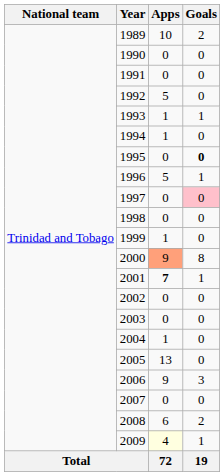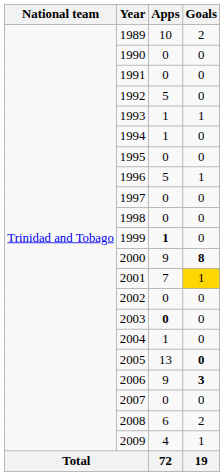 <table class="wikitable" style="text-align:center">
 <tr>
 <th>National team</th>
 <th>Year</th>
 <th>Apps</th>
 <th>Goals</th>
 </tr>
 <tr>
 <td rowspan="21"><a href='#'>Trinidad and Tobago</a></td>
 <td>1989</td>
 <td>10</td>
 <td>2</td>
 </tr>
 <tr>
 <td>1990</td>
 <td>0</td>
 <td>0</td>
 </tr>
 <tr>
 <td>1991</td>
 <td>0</td>
 <td>0</td>
 </tr>
 <tr>
 <td>1992</td>
 <td>5</td>
 <td>0</td>
 </tr>
 <tr>
 <td>1993</td>
 <td>1</td>
 <td>1</td>
 </tr>
 <tr>
 <td>1994</td>
 <td>1</td>
 <td>0</td>
 </tr>
 <tr>
 <td>1995</td>
 <td>0</td>
-<td><strong>0</strong></td>
+<td>0</td>
 </tr>
 <tr>
 <td>1996</td>
 <td>5</td>
 <td>1</td>
 </tr>
 <tr>
 <td>1997</td>
 <td>0</td>
-<td style="background: pink;">0</td>
+<td>0</td>
 </tr>
 <tr>
 <td>1998</td>
 <td>0</td>
 <td>0</td>
 </tr>
 <tr>
 <td>1999</td>
-<td>1</td>
+<td><strong>1</strong></td>
 <td>0</td>
 </tr>
 <tr>
 <td>2000</td>
-<td style="background: lightsalmon;">9</td>
-<td>8</td>
+<td>9</td>
+<td><strong>8</strong></td>
 </tr>
 <tr>
 <td>2001</td>
-<td><strong>7</strong></td>
-<td>1</td>
+<td>7</td>
+<td style="background: gold;">1</td>
 </tr>
 <tr>
 <td>2002</td>
 <td>0</td>
 <td>0</td>
 </tr>
 <tr>
 <td>2003</td>
-<td>0</td>
+<td><strong>0</strong></td>
 <td>0</td>
 </tr>
 <tr>
 <td>2004</td>
 <td>1</td>
 <td>0</td>
 </tr>
 <tr>
 <td>2005</td>
 <td>13</td>
-<td>0</td>
+<td><strong>0</strong></td>
 </tr>
 <tr>
 <td>2006</td>
 <td>9</td>
-<td>3</td>
+<td><strong>3</strong></td>
 </tr>
 <tr>
 <td>2007</td>
 <td>0</td>
 <td>0</td>
 </tr>
 <tr>
 <td>2008</td>
 <td>6</td>
 <td>2</td>
 </tr>
 <tr>
 <td>2009</td>
-<td style="background: lightyellow;">4</td>
+<td>4</td>
 <td>1</td>
 </tr>
 <tr>
 <th colspan="2">Total</th>
 <th>72</th>
 <th>19</th>
 </tr>
 </table>
